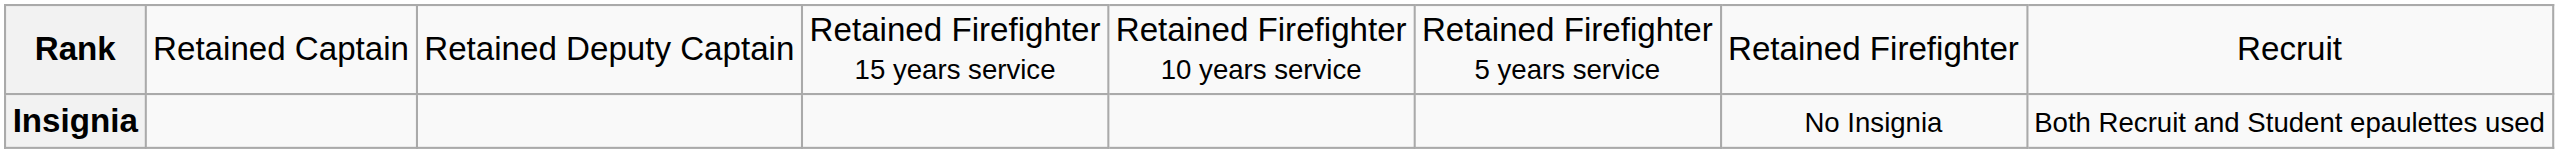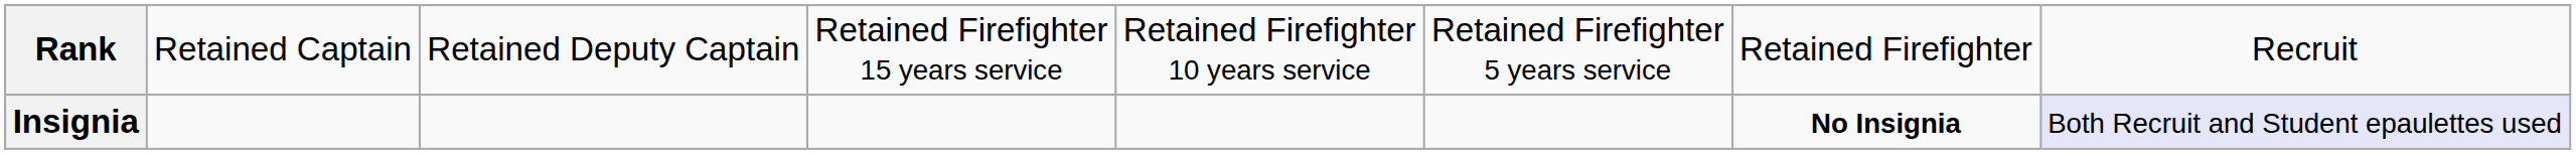 <table class="wikitable">
 <tr style="text-align:center;">
 <th>Rank</th>
 <td>Retained Captain</td>
 <td>Retained Deputy Captain</td>
 <td>Retained Firefighter<br><small>15 years service</small></td>
 <td>Retained Firefighter<br><small>10 years service</small></td>
 <td>Retained Firefighter<br><small>5 years service</small></td>
 <td>Retained Firefighter</td>
 <td>Recruit</td>
 </tr>
 <tr style="text-align:center;">
 <th>Insignia</th>
 <td></td>
 <td></td>
 <td></td>
 <td></td>
 <td></td>
-<td><small>No Insignia</small></td>
-<td><small>Both Recruit and Student epaulettes used</small></td>
+<td><strong><small>No Insignia</small></strong></td>
+<td style="background: lavender;"><small>Both Recruit and Student epaulettes used</small></td>
 </tr>
 </table>
